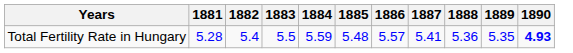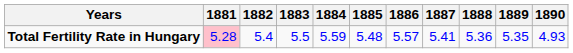 <table class="wikitable " style="text-align:right">
 <tr>
 <th>Years</th>
 <th>1881</th>
 <th>1882</th>
 <th>1883</th>
 <th>1884</th>
 <th>1885</th>
 <th>1886</th>
 <th>1887</th>
 <th>1888</th>
 <th>1889</th>
 <th>1890</th>
 </tr>
 <tr>
-<td align="left">Total Fertility Rate in Hungary</td>
-<td style="text-align:right; color:blue;">5.28</td>
+<td align="left"><strong>Total Fertility Rate in Hungary</strong></td>
+<td style="background: pink; text-align:right; color:blue;">5.28</td>
 <td style="text-align:right; color:blue;">5.4</td>
 <td style="text-align:right; color:blue;">5.5</td>
 <td style="text-align:right; color:blue;">5.59</td>
 <td style="text-align:right; color:blue;">5.48</td>
 <td style="text-align:right; color:blue;">5.57</td>
 <td style="text-align:right; color:blue;">5.41</td>
 <td style="text-align:right; color:blue;">5.36</td>
 <td style="text-align:right; color:blue;">5.35</td>
-<td style="text-align:right; color:blue;"><strong>4.93</strong></td>
+<td style="text-align:right; color:blue;">4.93</td>
 </tr>
 </table>
